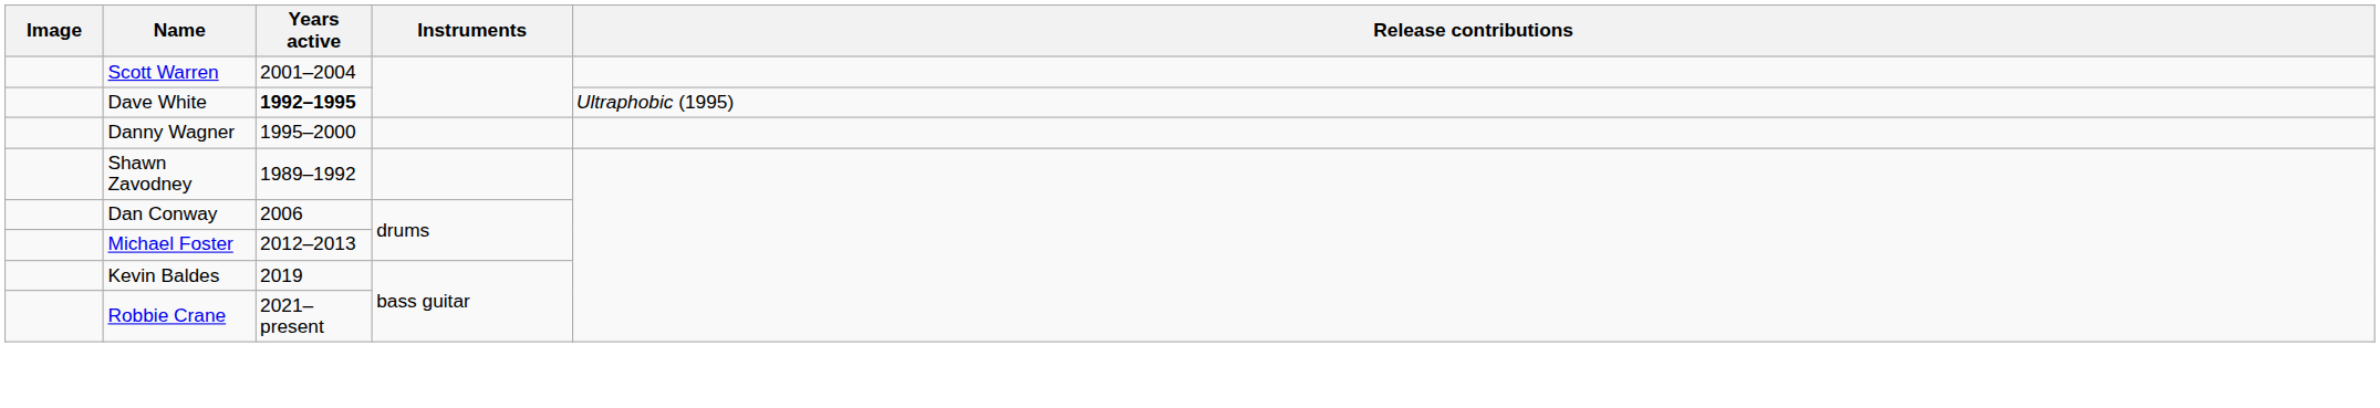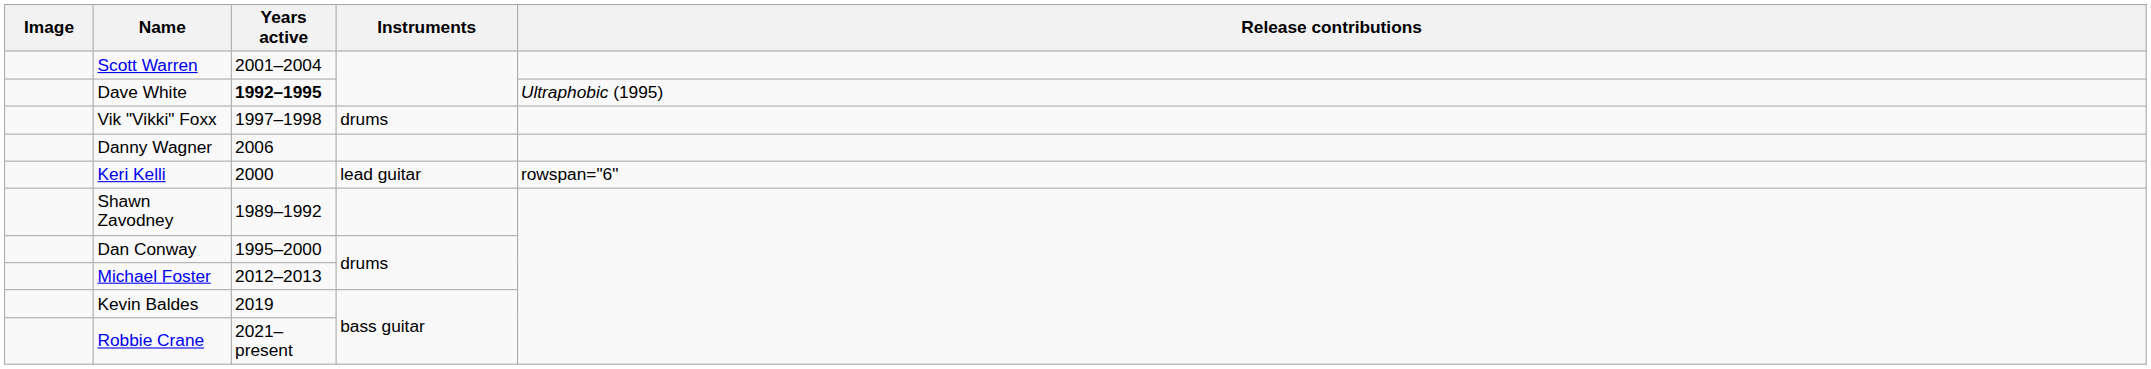 <table class="wikitable" border="1" width=100%>
 <tr>
 <th width="75">Image</th>
 <th width="120">Name</th>
 <th width="90">Years active</th>
 <th width="160">Instruments</th>
 <th>Release contributions</th>
 </tr>
 <tr>
 <td></td>
 <td><a href='#'>Scott Warren</a></td>
 <td>2001–2004</td>
 <td rowspan="2"></td>
 <td></td>
 </tr>
 <tr>
 <td></td>
 <td>Dave White</td>
 <td><strong>1992–1995</strong></td>
 <td><em>Ultraphobic</em> (1995)</td>
 </tr>
 <tr>
 <td></td>
+<td>Vik "Vikki" Foxx</td>
+<td>1997–1998</td>
+<td>drums</td>
+<td></td>
+</tr>
+<tr>
+<td></td>
 <td>Danny Wagner</td>
-<td>1995–2000</td>
+<td>2006</td>
 <td></td>
 <td></td>
+</tr>
+<tr>
+<td></td>
+<td><a href='#'>Keri Kelli</a></td>
+<td>2000</td>
+<td>lead guitar</td>
+<td>rowspan="6" </td>
 </tr>
 <tr>
 <td></td>
 <td>Shawn Zavodney</td>
 <td>1989–1992</td>
 <td></td>
 </tr>
 <tr>
 <td></td>
 <td>Dan Conway</td>
-<td>2006</td>
+<td>1995–2000</td>
 <td rowspan="2">drums</td>
 </tr>
 <tr>
 <td></td>
 <td><a href='#'>Michael Foster</a></td>
 <td>2012–2013</td>
 </tr>
 <tr>
 <td></td>
 <td>Kevin Baldes</td>
 <td>2019</td>
 <td rowspan="2">bass guitar</td>
 </tr>
 <tr>
 <td></td>
 <td><a href='#'>Robbie Crane</a></td>
 <td>2021–present</td>
 </tr>
 </table>
